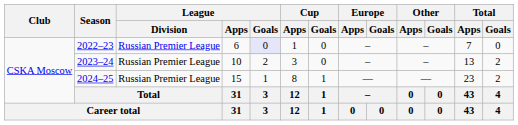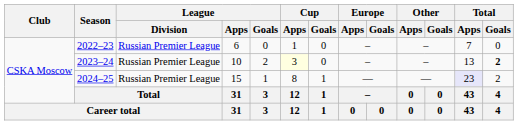 <table class="wikitable" style="text-align:center">
 <tr>
 <th rowspan="2">Club</th>
 <th rowspan="2">Season</th>
 <th colspan="3">League</th>
 <th colspan="2">Cup</th>
 <th colspan="2">Europe</th>
 <th colspan="2">Other</th>
 <th colspan="2">Total</th>
 </tr>
 <tr>
 <th>Division</th>
 <th>Apps</th>
 <th>Goals</th>
 <th>Apps</th>
 <th>Goals</th>
 <th>Apps</th>
 <th>Goals</th>
 <th>Apps</th>
 <th>Goals</th>
 <th>Apps</th>
 <th>Goals</th>
 </tr>
 <tr>
 <td rowspan="4"><a href='#'>CSKA Moscow</a></td>
 <td><a href='#'>2022–23</a></td>
 <td><a href='#'>Russian Premier League</a></td>
 <td>6</td>
-<td style="background: lavender;">0</td>
+<td>0</td>
 <td>1</td>
 <td>0</td>
 <td colspan="2">–</td>
 <td colspan="2">–</td>
 <td>7</td>
 <td>0</td>
 </tr>
 <tr>
 <td><a href='#'>2023–24</a></td>
 <td>Russian Premier League</td>
 <td>10</td>
 <td>2</td>
-<td>3</td>
+<td style="background: lightyellow;">3</td>
 <td>0</td>
 <td colspan="2">–</td>
 <td colspan="2">–</td>
 <td>13</td>
-<td>2</td>
+<td><strong>2</strong></td>
 </tr>
 <tr>
 <td><a href='#'>2024–25</a></td>
 <td>Russian Premier League</td>
 <td>15</td>
 <td>1</td>
 <td>8</td>
 <td>1</td>
 <td colspan="2">—</td>
 <td colspan="2">—</td>
-<td>23</td>
+<td style="background: lavender;">23</td>
 <td>2</td>
 </tr>
 <tr>
 <th colspan="2">Total</th>
 <th>31</th>
 <th>3</th>
 <th>12</th>
 <th>1</th>
 <th colspan="2">–</th>
 <th>0</th>
 <th>0</th>
 <th>43</th>
 <th>4</th>
 </tr>
 <tr>
 <th colspan="3">Career total</th>
 <th>31</th>
 <th>3</th>
 <th>12</th>
 <th>1</th>
 <th>0</th>
 <th>0</th>
 <th>0</th>
 <th>0</th>
 <th>43</th>
 <th>4</th>
 </tr>
 </table>
